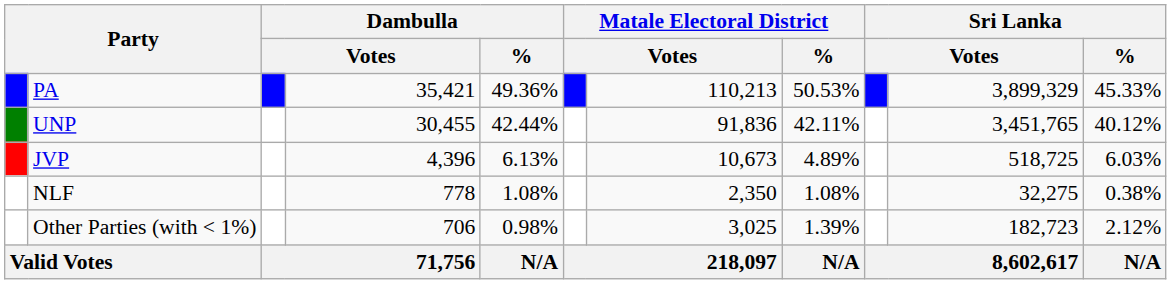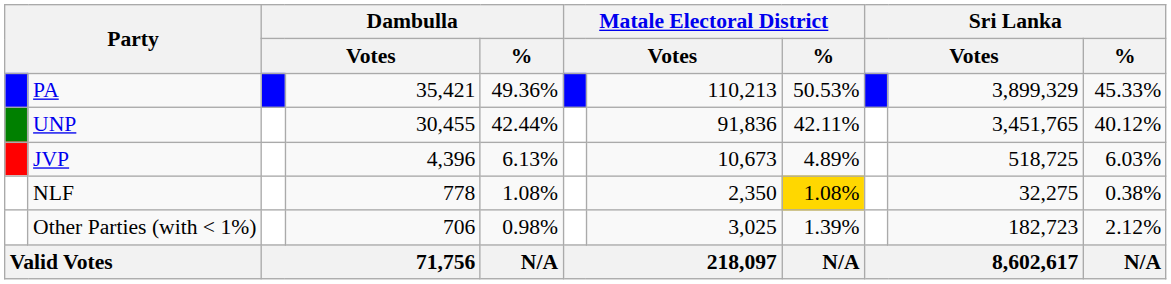 <table class="wikitable">
 <tr>
 <th colspan="2" width="144px"rowspan="2">Party</th>
 <th colspan="3" width="216px">Dambulla</th>
 <th colspan="3" width="216px"><a href='#'>Matale Electoral District</a></th>
 <th colspan="3" width="216px">Sri Lanka</th>
 </tr>
 <tr>
 <th colspan="2" width="144px">Votes</th>
 <th>%</th>
 <th colspan="2" width="144px">Votes</th>
 <th>%</th>
 <th colspan="2" width="144px">Votes</th>
 <th>%</th>
 </tr>
 <tr>
 <td style="background-color:blue;" width="10px"></td>
 <td style="text-align:left;"><a href='#'>PA</a></td>
 <td style="background-color:blue;" width="10px"></td>
 <td style="text-align:right;">35,421</td>
 <td style="text-align:right;">49.36%</td>
 <td style="background-color:blue;" width="10px"></td>
 <td style="text-align:right;">110,213</td>
 <td style="text-align:right;">50.53%</td>
 <td style="background-color:blue;" width="10px"></td>
 <td style="text-align:right;">3,899,329</td>
 <td style="text-align:right;">45.33%</td>
 </tr>
 <tr>
 <td style="background-color:green;" width="10px"></td>
 <td style="text-align:left;"><a href='#'>UNP</a></td>
 <td style="background-color:white;" width="10px"></td>
 <td style="text-align:right;">30,455</td>
 <td style="text-align:right;">42.44%</td>
 <td style="background-color:white;" width="10px"></td>
 <td style="text-align:right;">91,836</td>
 <td style="text-align:right;">42.11%</td>
 <td style="background-color:white;" width="10px"></td>
 <td style="text-align:right;">3,451,765</td>
 <td style="text-align:right;">40.12%</td>
 </tr>
 <tr>
 <td style="background-color:red;" width="10px"></td>
 <td style="text-align:left;"><a href='#'>JVP</a></td>
 <td style="background-color:white;" width="10px"></td>
 <td style="text-align:right;">4,396</td>
 <td style="text-align:right;">6.13%</td>
 <td style="background-color:white;" width="10px"></td>
 <td style="text-align:right;">10,673</td>
 <td style="text-align:right;">4.89%</td>
 <td style="background-color:white;" width="10px"></td>
 <td style="text-align:right;">518,725</td>
 <td style="text-align:right;">6.03%</td>
 </tr>
 <tr>
 <td style="background-color:white;" width="10px"></td>
 <td style="text-align:left;">NLF</td>
 <td style="background-color:white;" width="10px"></td>
 <td style="text-align:right;">778</td>
 <td style="text-align:right;">1.08%</td>
 <td style="background-color:white;" width="10px"></td>
 <td style="text-align:right;">2,350</td>
-<td style="text-align:right;">1.08%</td>
+<td style="background: gold; text-align:right;">1.08%</td>
 <td style="background-color:white;" width="10px"></td>
 <td style="text-align:right;">32,275</td>
 <td style="text-align:right;">0.38%</td>
 </tr>
 <tr>
 <td style="background-color:white;" width="10px"></td>
 <td style="text-align:left;">Other Parties (with < 1%)</td>
 <td style="background-color:white;" width="10px"></td>
 <td style="text-align:right;">706</td>
 <td style="text-align:right;">0.98%</td>
 <td style="background-color:white;" width="10px"></td>
 <td style="text-align:right;">3,025</td>
 <td style="text-align:right;">1.39%</td>
 <td style="background-color:white;" width="10px"></td>
 <td style="text-align:right;">182,723</td>
 <td style="text-align:right;">2.12%</td>
 </tr>
 <tr>
 <th colspan="2" width="144px"style="text-align:left;">Valid Votes</th>
 <th style="text-align:right;"colspan="2" width="144px">71,756</th>
 <th style="text-align:right;">N/A</th>
 <th style="text-align:right;"colspan="2" width="144px">218,097</th>
 <th style="text-align:right;">N/A</th>
 <th style="text-align:right;"colspan="2" width="144px">8,602,617</th>
 <th style="text-align:right;">N/A</th>
 </tr>
 </table>
